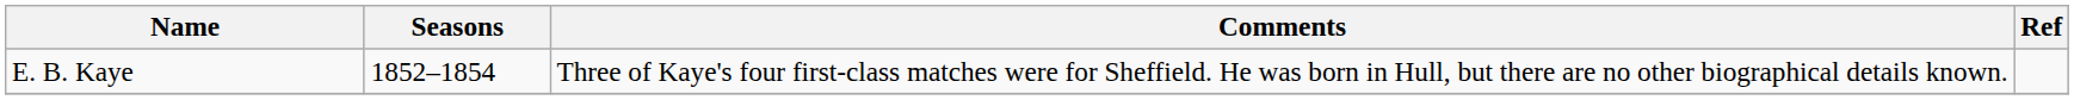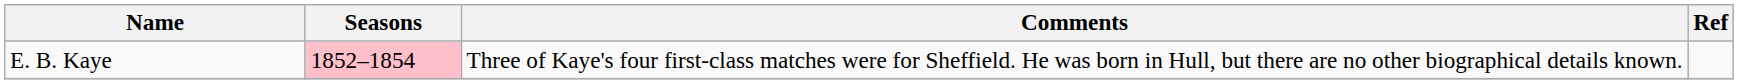 <table class="wikitable">
 <tr>
 <th style="width:200px">Name</th>
 <th style="width: 100px">Seasons</th>
 <th>Comments</th>
 <th>Ref</th>
 </tr>
 <tr>
 <td>E. B. Kaye</td>
-<td>1852–1854</td>
+<td style="background: pink;">1852–1854</td>
 <td>Three of Kaye's four first-class matches were for Sheffield. He was born in Hull, but there are no other biographical details known.</td>
 <td></td>
 </tr>
 <tr>
 </tr>
 </table>
